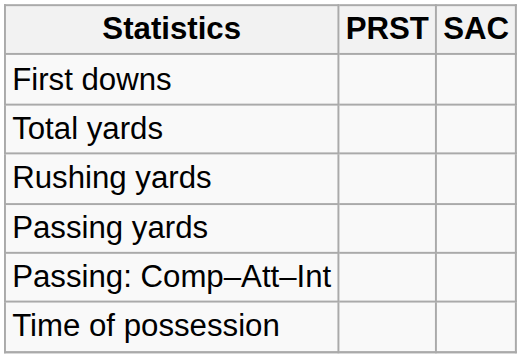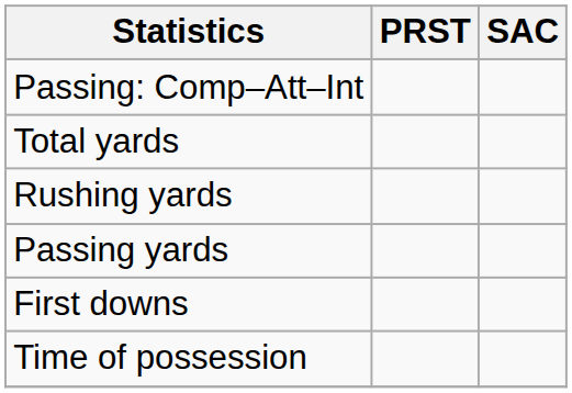 <table class="wikitable" style="float: left;">
 <tr>
 <th>Statistics</th>
 <th>PRST</th>
 <th>SAC</th>
 </tr>
 <tr>
-<td>First downs</td>
+<td>Passing: Comp–Att–Int</td>
 <td></td>
 <td></td>
 </tr>
 <tr>
 <td>Total yards</td>
 <td></td>
 <td></td>
 </tr>
 <tr>
 <td>Rushing yards</td>
 <td></td>
 <td></td>
 </tr>
 <tr>
 <td>Passing yards</td>
 <td></td>
 <td></td>
 </tr>
 <tr>
-<td>Passing: Comp–Att–Int</td>
+<td>First downs</td>
 <td></td>
 <td></td>
 </tr>
 <tr>
 <td>Time of possession</td>
 <td></td>
 <td></td>
 </tr>
 <tr>
 </tr>
 </table>
